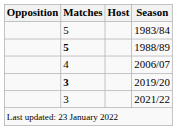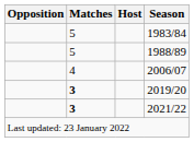 <table class="wikitable sortable">
 <tr>
 <th scope=col>Opposition</th>
 <th scope=col style="text-align:center">Matches</th>
 <th scope=col>Host</th>
 <th scope=col style="text-align:center">Season</th>
 </tr>
 <tr>
 <td></td>
 <td>5</td>
 <td></td>
 <td>1983/84</td>
 </tr>
 <tr>
 <td></td>
-<td><strong>5</strong></td>
+<td>5</td>
 <td></td>
 <td>1988/89</td>
 </tr>
 <tr>
 <td></td>
 <td>4</td>
 <td></td>
 <td>2006/07</td>
 </tr>
 <tr>
 <td></td>
 <td><strong>3</strong></td>
 <td></td>
 <td>2019/20</td>
 </tr>
 <tr>
 <td></td>
-<td>3</td>
+<td><strong>3</strong></td>
 <td></td>
 <td>2021/22</td>
 </tr>
 <tr class=sortbottom>
 <td colspan=5><small>Last updated: 23 January 2022</small></td>
 </tr>
 </table>
